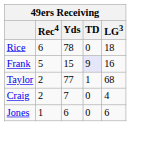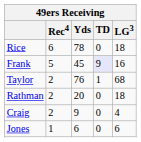 <table class="wikitable">
 <tr>
 <th colspan="5">49ers Receiving</th>
 </tr>
 <tr>
 <th></th>
 <th>Rec<sup>4</sup></th>
 <th>Yds</th>
 <th>TD</th>
 <th>LG<sup>3</sup></th>
 </tr>
 <tr>
 <td><a href='#'>Rice</a></td>
 <td>6</td>
 <td>78</td>
 <td>0</td>
 <td>18</td>
 </tr>
 <tr>
 <td><a href='#'>Frank</a></td>
 <td>5</td>
-<td>15</td>
+<td>45</td>
 <td style="background: lavender;">9</td>
 <td>16</td>
 </tr>
 <tr>
 <td><a href='#'>Taylor</a></td>
 <td>2</td>
-<td>77</td>
+<td>76</td>
 <td>1</td>
 <td>68</td>
 </tr>
 <tr>
+<td><a href='#'>Rathman</a></td>
+<td>2</td>
+<td>20</td>
+<td>0</td>
+<td>18</td>
+</tr>
+<tr>
 <td><a href='#'>Craig</a></td>
 <td>2</td>
-<td>7</td>
+<td>9</td>
 <td>0</td>
 <td>4</td>
 </tr>
 <tr>
 <td><a href='#'>Jones</a></td>
 <td>1</td>
 <td>6</td>
 <td>0</td>
 <td>6</td>
 </tr>
 </table>
